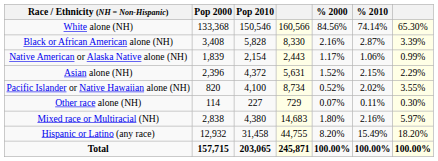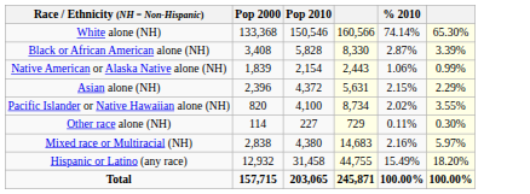 <table class="wikitable" style="text-align:center;">
 <tr>
 <th>Race / Ethnicity <small>(<em>NH = Non-Hispanic</em>)</small></th>
 <th>Pop 2000</th>
 <th>Pop 2010</th>
 <th></th>
-<th>% 2000</th>
 <th>% 2010</th>
 <th></th>
 </tr>
 <tr>
 <td><a href='#'>White</a> alone (NH)</td>
 <td>133,368</td>
 <td>150,546</td>
 <td style='background: #ffffe6;'>160,566</td>
-<td>84.56%</td>
 <td>74.14%</td>
 <td style='background: #ffffe6;'>65.30%</td>
 </tr>
 <tr>
 <td><a href='#'>Black or African American</a> alone (NH)</td>
 <td>3,408</td>
 <td>5,828</td>
 <td style='background: #ffffe6;'>8,330</td>
-<td>2.16%</td>
 <td>2.87%</td>
 <td style='background: #ffffe6;'>3.39%</td>
 </tr>
 <tr>
 <td><a href='#'>Native American</a> or <a href='#'>Alaska Native</a> alone (NH)</td>
 <td>1,839</td>
 <td>2,154</td>
 <td style='background: #ffffe6;'>2,443</td>
-<td>1.17%</td>
 <td>1.06%</td>
 <td style='background: #ffffe6;'>0.99%</td>
 </tr>
 <tr>
 <td><a href='#'>Asian</a> alone (NH)</td>
 <td>2,396</td>
 <td>4,372</td>
 <td style='background: #ffffe6;'>5,631</td>
-<td>1.52%</td>
 <td>2.15%</td>
 <td style='background: #ffffe6;'>2.29%</td>
 </tr>
 <tr>
 <td><a href='#'>Pacific Islander</a> or <a href='#'>Native Hawaiian</a> alone (NH)</td>
 <td>820</td>
 <td>4,100</td>
 <td style='background: #ffffe6;'>8,734</td>
-<td>0.52%</td>
 <td>2.02%</td>
 <td style='background: #ffffe6;'>3.55%</td>
 </tr>
 <tr>
 <td><a href='#'>Other race</a> alone (NH)</td>
 <td>114</td>
 <td>227</td>
 <td style='background: #ffffe6;'>729</td>
-<td>0.07%</td>
 <td>0.11%</td>
 <td style='background: #ffffe6;'>0.30%</td>
 </tr>
 <tr>
 <td><a href='#'>Mixed race or Multiracial</a> (NH)</td>
 <td>2,838</td>
 <td>4,380</td>
 <td style='background: #ffffe6;'>14,683</td>
-<td>1.80%</td>
 <td>2.16%</td>
 <td style='background: #ffffe6;'>5.97%</td>
 </tr>
 <tr>
 <td><a href='#'>Hispanic or Latino</a> (any race)</td>
 <td>12,932</td>
 <td>31,458</td>
 <td style='background: #ffffe6;'>44,755</td>
-<td>8.20%</td>
 <td>15.49%</td>
 <td style='background: #ffffe6;'>18.20%</td>
 </tr>
 <tr>
 <td><strong>Total</strong></td>
 <td><strong>157,715</strong></td>
 <td><strong>203,065</strong></td>
 <td style='background: #ffffe6;'><strong>245,871</strong></td>
 <td><strong>100.00%</strong></td>
-<td><strong>100.00%</strong></td>
 <td style='background: #ffffe6;'><strong>100.00%</strong></td>
 </tr>
 </table>
